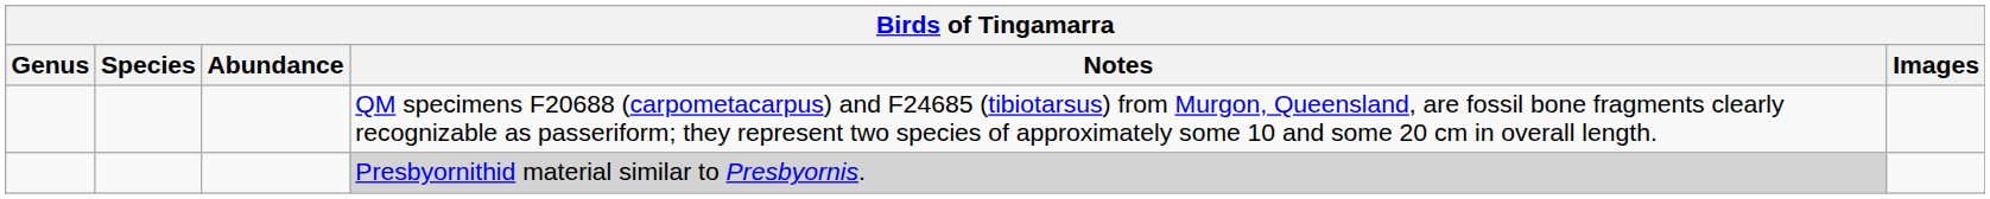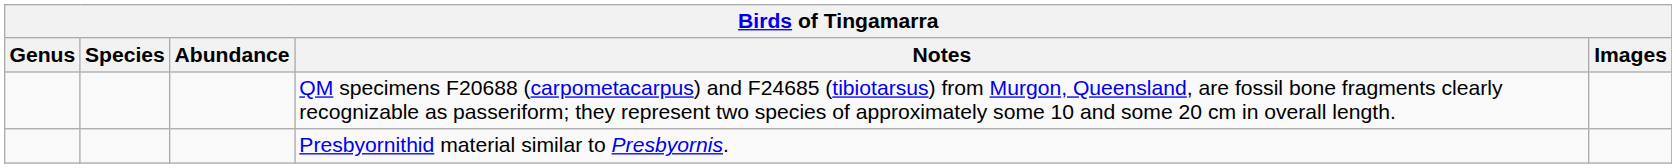 <table class="wikitable" align="center" width="100%">
 <tr>
 <th colspan="5" align="center"><strong><a href='#'>Birds</a> of Tingamarra</strong></th>
 </tr>
 <tr>
 <th>Genus</th>
 <th>Species</th>
 <th>Abundance</th>
 <th>Notes</th>
 <th>Images</th>
 </tr>
 <tr>
 <td></td>
 <td></td>
 <td></td>
 <td><a href='#'>QM</a> specimens F20688 (<a href='#'>carpometacarpus</a>) and F24685 (<a href='#'>tibiotarsus</a>) from <a href='#'>Murgon, Queensland</a>, are fossil bone fragments clearly recognizable as passeriform; they represent two species of approximately some 10 and some 20 cm in overall length.</td>
 <td></td>
 </tr>
 <tr>
 <td></td>
 <td></td>
 <td></td>
-<td style="background: lightgrey;"><a href='#'>Presbyornithid</a> material similar to <em><a href='#'>Presbyornis</a></em>.</td>
+<td><a href='#'>Presbyornithid</a> material similar to <em><a href='#'>Presbyornis</a></em>.</td>
 </tr>
 </table>
